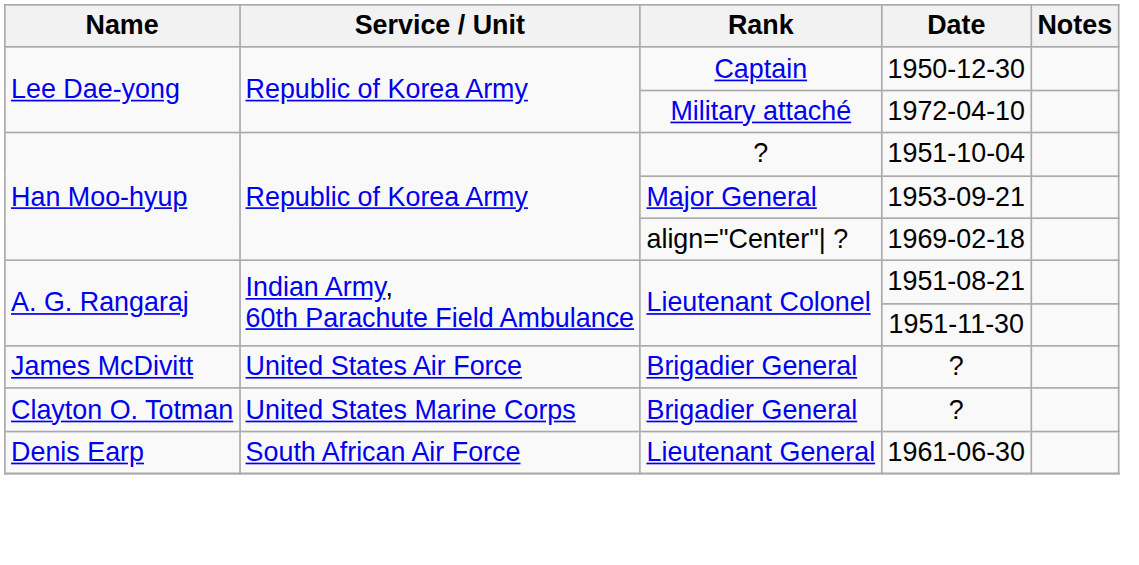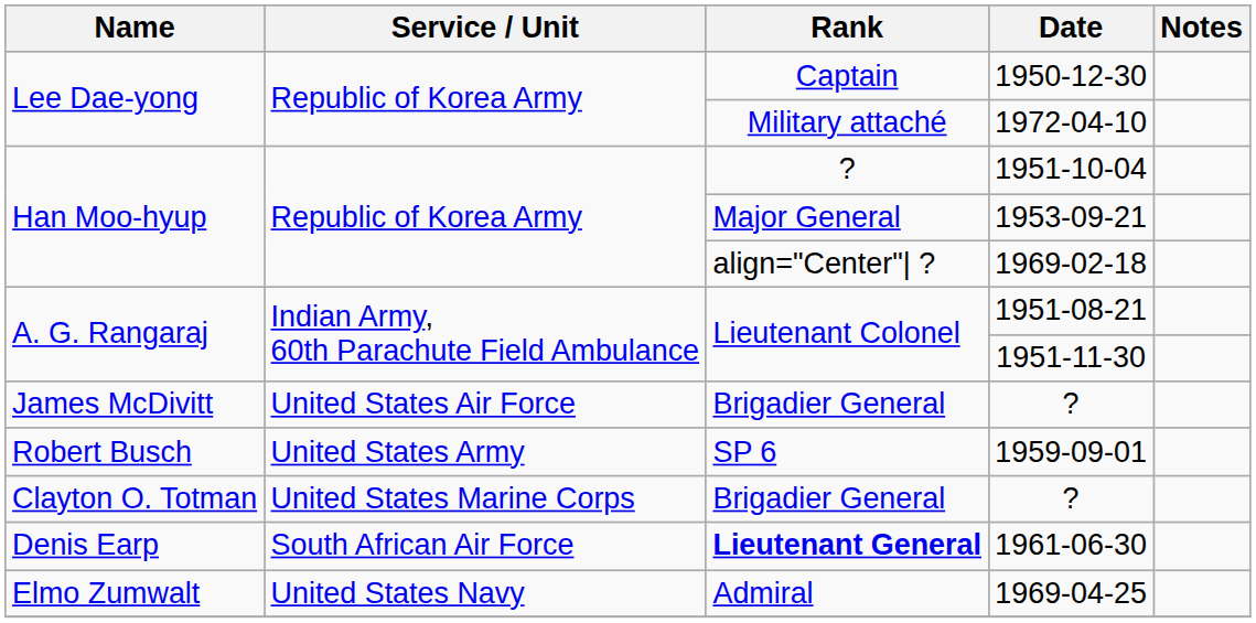 <table class="wikitable sortable">
 <tr>
 <th>Name</th>
 <th>Service / Unit</th>
 <th>Rank</th>
 <th>Date</th>
 <th>Notes</th>
 </tr>
 <tr>
 <td align="left" rowspan="2"><a href='#'>Lee Dae-yong</a></td>
 <td align="left" rowspan="2"><a href='#'>Republic of Korea Army</a></td>
 <td align="Center"><a href='#'>Captain</a></td>
 <td align="Center">1950-12-30</td>
 <td align="left"></td>
 </tr>
 <tr>
 <td align="Center"><a href='#'>Military attaché</a></td>
 <td align="Center">1972-04-10</td>
 <td align="left"></td>
 </tr>
 <tr>
 <td align="left" rowspan="3"><a href='#'>Han Moo-hyup</a></td>
 <td align="left" rowspan="3"><a href='#'>Republic of Korea Army</a></td>
 <td align="Center">?</td>
 <td align="Center">1951-10-04</td>
 <td align="left"></td>
 </tr>
 <tr>
 <td align="left"><a href='#'>Major General</a></td>
 <td align="Center">1953-09-21</td>
 <td align="left"></td>
 </tr>
 <tr>
 <td align="left">align="Center"| ?</td>
 <td align="Center">1969-02-18</td>
 <td align="left"></td>
 </tr>
 <tr>
 <td align="left" rowspan="2"><a href='#'>A. G. Rangaraj</a></td>
 <td align="left" rowspan="2"><a href='#'>Indian Army</a>,<br><a href='#'>60th Parachute Field Ambulance</a></td>
 <td align="left" rowspan="2"><a href='#'>Lieutenant Colonel</a></td>
 <td align="Center">1951-08-21</td>
 <td align="left"></td>
 </tr>
 <tr>
 <td align="Center">1951-11-30</td>
 </tr>
 <tr>
 <td align="left"><a href='#'>James McDivitt</a></td>
 <td align="left"><a href='#'>United States Air Force</a></td>
 <td align="left"><a href='#'>Brigadier General</a></td>
 <td align="Center">?</td>
 <td align="left"></td>
 </tr>
 <tr>
+<td align="left"><a href='#'>Robert Busch</a></td>
+<td align="left"><a href='#'>United States Army</a></td>
+<td align="left"><a href='#'>SP 6</a></td>
+<td align="Center">1959-09-01</td>
+<td align="left"></td>
+</tr>
+<tr>
 <td align="left"><a href='#'>Clayton O. Totman</a></td>
 <td align="left"><a href='#'>United States Marine Corps</a></td>
 <td align="left"><a href='#'>Brigadier General</a></td>
 <td align="Center">?</td>
 <td align="left"></td>
 </tr>
 <tr>
 <td align="left"><a href='#'>Denis Earp</a> </td>
 <td align="left"><a href='#'>South African Air Force</a></td>
-<td align="left"><a href='#'>Lieutenant General</a></td>
+<td align="left"><strong><a href='#'>Lieutenant General</a></strong></td>
 <td align="Center">1961-06-30</td>
+<td align="left"></td>
+</tr>
+<tr>
+<td align="left"><a href='#'>Elmo Zumwalt</a></td>
+<td align="left"><a href='#'>United States Navy</a></td>
+<td align="left"><a href='#'>Admiral</a></td>
+<td align="Center">1969-04-25</td>
 <td align="left"></td>
 </tr>
 <tr>
 </tr>
 </table>
